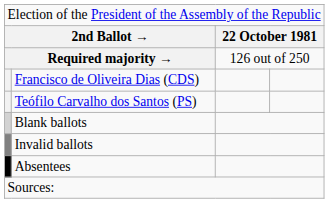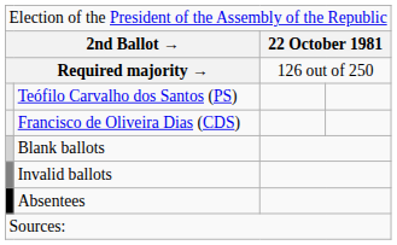 <table class="wikitable" style="text-align:center;">
 <tr>
 <td colspan="4" align="center">Election of the <a href='#'>President of the Assembly of the Republic</a></td>
 </tr>
 <tr>
 <th colspan="2" width="225px">2nd Ballot →</th>
 <th colspan="2">22 October 1981</th>
 </tr>
 <tr>
 <th colspan="2">Required majority →</th>
 <td colspan="2">126 out of 250</td>
 </tr>
 <tr>
 <th width="1px" style="background:"></th>
-<td align="left"><a href='#'>Francisco de Oliveira Dias</a> (<a href='#'>CDS</a>)</td>
+<td align="left"><a href='#'>Teófilo Carvalho dos Santos</a> (<a href='#'>PS</a>)</td>
 <td></td>
 <td></td>
 </tr>
 <tr>
 <th width="1px" style="background:"></th>
-<td align="left"><a href='#'>Teófilo Carvalho dos Santos</a> (<a href='#'>PS</a>)</td>
+<td align="left"><a href='#'>Francisco de Oliveira Dias</a> (<a href='#'>CDS</a>)</td>
 <td></td>
 <td></td>
 </tr>
 <tr>
 <th style="background:lightgray;"></th>
 <td align="left">Blank ballots</td>
 <td colspan="2"></td>
 </tr>
 <tr>
 <th style="background:gray;"></th>
 <td align="left">Invalid ballots</td>
 <td colspan="2"></td>
 </tr>
 <tr>
 <th style="background:black;"></th>
 <td align="left">Absentees</td>
 <td colspan="2"></td>
 </tr>
 <tr>
 <td align="left" colspan="4">Sources: </td>
 </tr>
 </table>
